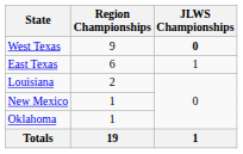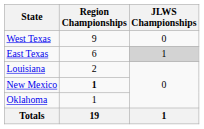 <table class="wikitable">
 <tr>
 <th>State</th>
 <th>Region<br>Championships</th>
 <th>JLWS<br>Championships</th>
 </tr>
 <tr>
 <td> <a href='#'>West Texas</a></td>
 <td align=center>9</td>
-<td align=center><strong>0</strong></td>
+<td align=center>0</td>
 </tr>
 <tr>
 <td> <a href='#'>East Texas</a></td>
 <td align=center>6</td>
-<td align=center>1</td>
+<td align=center style="background: lightgrey;">1</td>
 </tr>
 <tr>
 <td> <a href='#'>Louisiana</a></td>
 <td align=center>2</td>
 <td align=center rowspan=3>0</td>
 </tr>
 <tr>
 <td> <a href='#'>New Mexico</a></td>
-<td align=center>1</td>
+<td align=center><strong>1</strong></td>
 </tr>
 <tr>
 <td> <a href='#'>Oklahoma</a></td>
 <td align=center>1</td>
 </tr>
 <tr>
 <th>Totals</th>
 <th>19</th>
 <th>1</th>
 </tr>
 </table>
